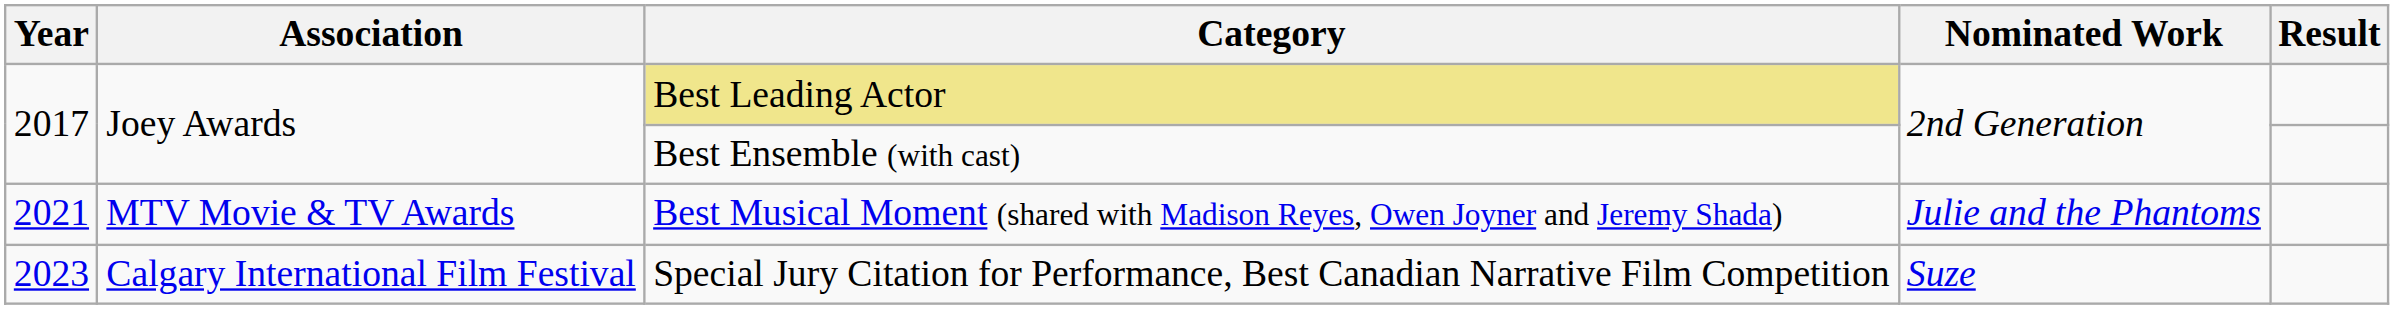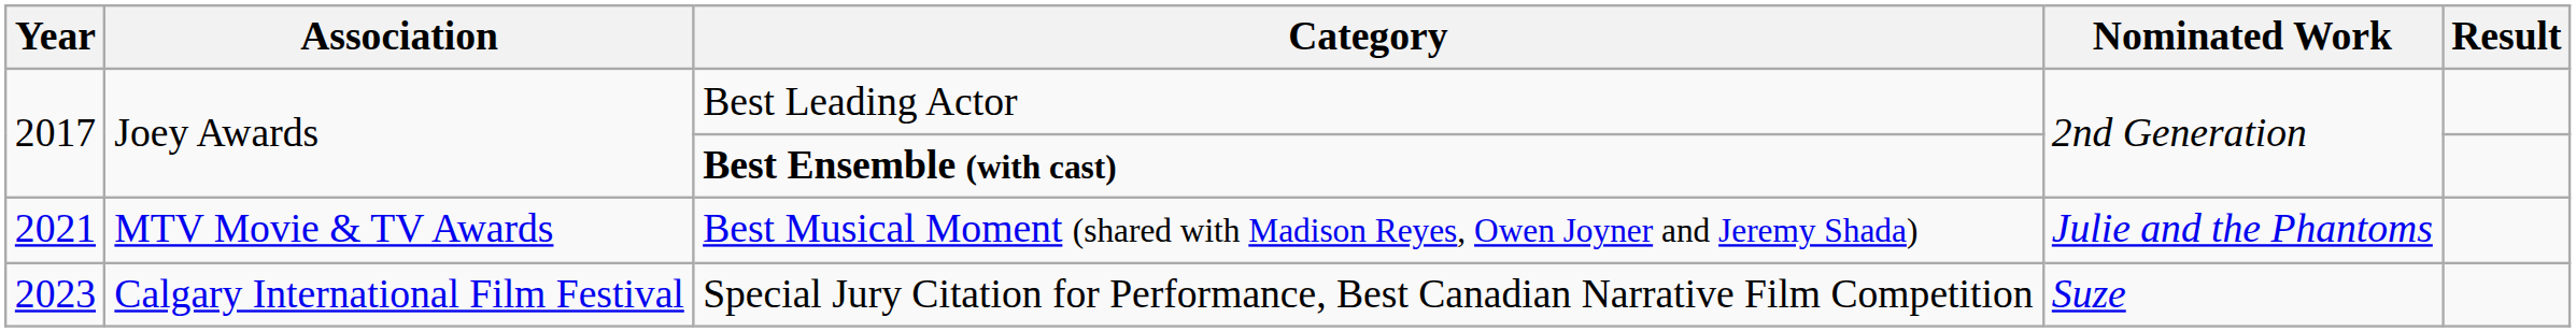 <table class="wikitable">
 <tr>
 <th>Year</th>
 <th>Association</th>
 <th>Category</th>
 <th>Nominated Work</th>
 <th>Result</th>
 </tr>
 <tr>
 <td rowspan=2>2017</td>
 <td rowspan=2>Joey Awards</td>
-<td style="background: khaki;">Best Leading Actor</td>
+<td>Best Leading Actor</td>
 <td rowspan=2><em>2nd Generation</em></td>
 <td></td>
 </tr>
 <tr>
-<td>Best Ensemble <small>(with cast)</small></td>
+<td><strong>Best Ensemble <small>(with cast)</small></strong></td>
 <td></td>
 </tr>
 <tr>
 <td><a href='#'>2021</a></td>
 <td><a href='#'>MTV Movie & TV Awards</a></td>
 <td><a href='#'>Best Musical Moment</a> <small>(shared with <a href='#'>Madison Reyes</a>, <a href='#'>Owen Joyner</a> and <a href='#'>Jeremy Shada</a>)</small></td>
 <td><em><a href='#'>Julie and the Phantoms</a></em></td>
 <td></td>
 </tr>
 <tr>
 <td><a href='#'>2023</a></td>
 <td><a href='#'>Calgary International Film Festival</a></td>
 <td>Special Jury Citation for Performance, Best Canadian Narrative Film Competition</td>
 <td><em><a href='#'>Suze</a></em></td>
 <td></td>
 </tr>
 </table>
